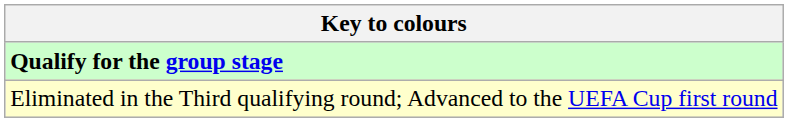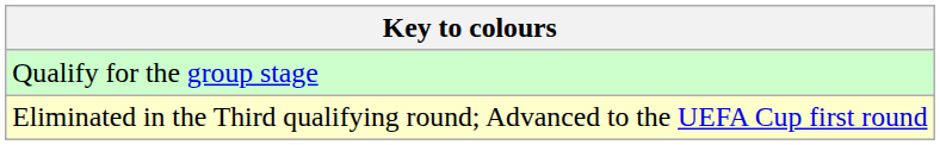 <table class="wikitable">
 <tr>
 <th>Key to colours</th>
 </tr>
 <tr bgcolor=#ccffcc>
-<td><strong>Qualify for the <a href='#'>group stage</a></strong></td>
+<td>Qualify for the <a href='#'>group stage</a></td>
 </tr>
 <tr bgcolor=#ffffcc>
 <td>Eliminated in the Third qualifying round; Advanced to the <a href='#'>UEFA Cup first round</a></td>
 </tr>
 </table>
